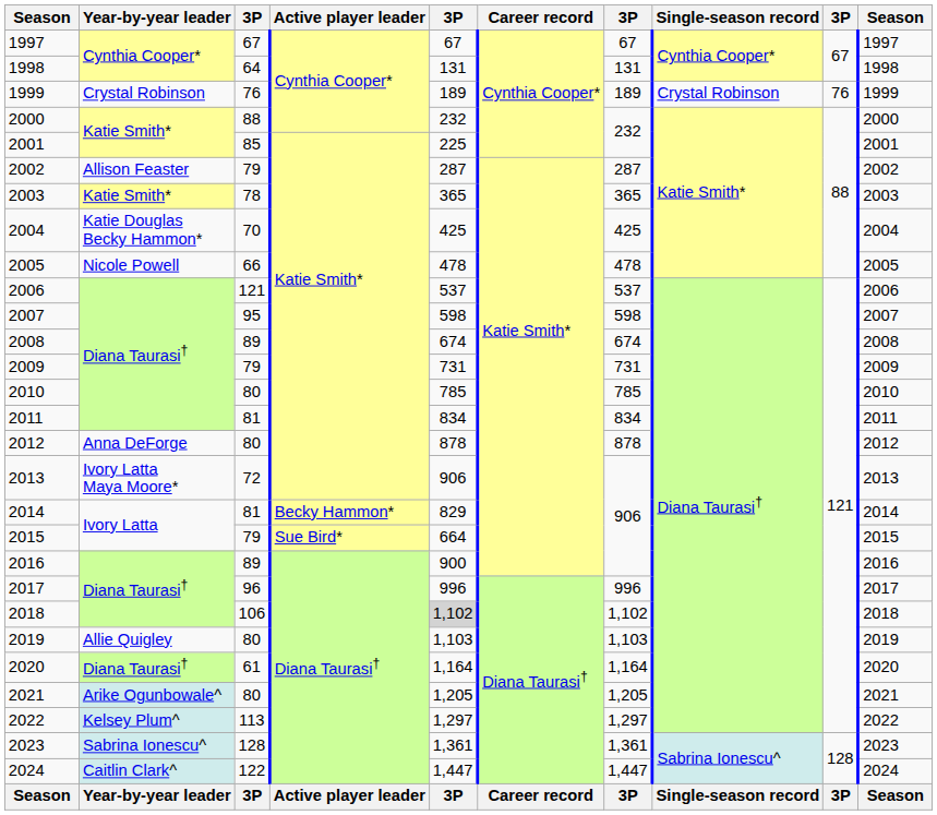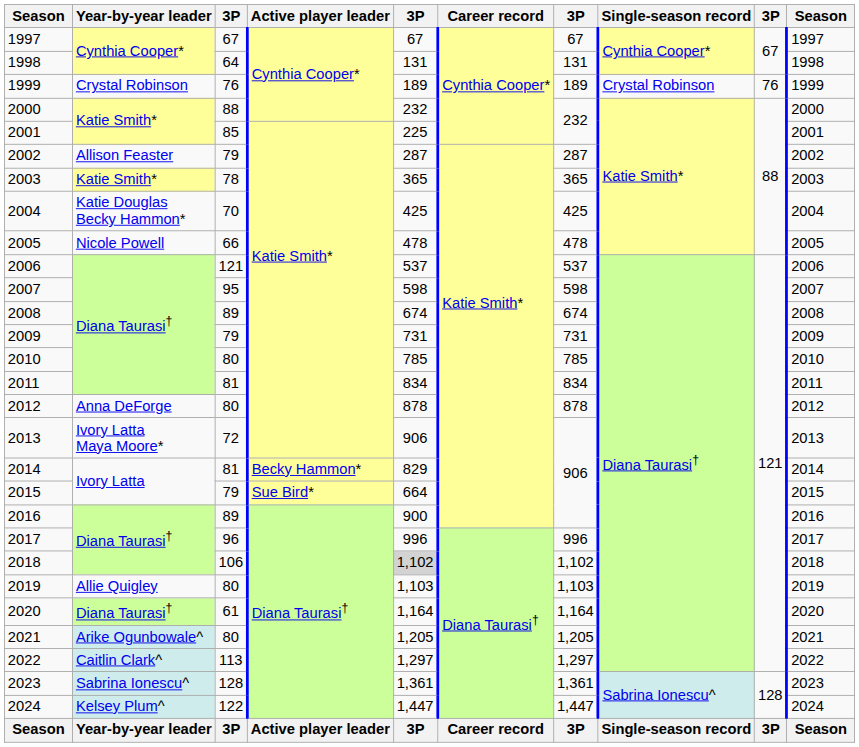 <table class="wikitable">
 <tr>
 <th width=8%>Season</th>
 <th>Year-by-year leader</th>
 <th>3P</th>
 <th>Active player leader</th>
 <th>3P</th>
 <th>Career record</th>
 <th>3P</th>
 <th>Single-season record</th>
 <th>3P</th>
 <th width=8%>Season</th>
 </tr>
 <tr>
 <td>1997</td>
 <td rowspan=2 bgcolor="#FFFF99"><a href='#'>Cynthia Cooper</a>*</td>
 <td style="text-align:center; border-right: solid blue">67</td>
 <td rowspan=4 bgcolor="#FFFF99"><a href='#'>Cynthia Cooper</a>*</td>
 <td style="text-align:center; border-right: solid blue">67</td>
 <td rowspan=5 bgcolor="#FFFF99"><a href='#'>Cynthia Cooper</a>*</td>
 <td style="text-align:center; border-right: solid blue">67</td>
 <td rowspan=2 bgcolor="#FFFF99"><a href='#'>Cynthia Cooper</a>*</td>
 <td rowspan=2 style="text-align:center; border-right: solid blue">67</td>
 <td>1997</td>
 </tr>
 <tr>
 <td>1998</td>
 <td style="text-align:center; border-right: solid blue">64</td>
 <td style="text-align:center; border-right: solid blue">131</td>
 <td style="text-align:center; border-right: solid blue">131</td>
 <td>1998</td>
 </tr>
 <tr>
 <td>1999</td>
 <td><a href='#'>Crystal Robinson</a></td>
 <td style="text-align:center; border-right: solid blue">76</td>
 <td style="text-align:center; border-right: solid blue">189</td>
 <td style="text-align:center; border-right: solid blue">189</td>
 <td><a href='#'>Crystal Robinson</a></td>
 <td style="text-align:center; border-right: solid blue">76</td>
 <td>1999</td>
 </tr>
 <tr>
 <td>2000</td>
 <td rowspan=2 bgcolor="#FFFF99"><a href='#'>Katie Smith</a>*</td>
 <td style="text-align:center; border-right: solid blue">88</td>
 <td style="text-align:center; border-right: solid blue">232</td>
 <td style="text-align:center; border-right: solid blue" rowspan=2>232</td>
 <td rowspan=6 bgcolor="#FFFF99"><a href='#'>Katie Smith</a>*</td>
 <td rowspan=6 style="text-align:center; border-right: solid blue">88</td>
 <td>2000</td>
 </tr>
 <tr>
 <td>2001</td>
 <td style="text-align:center; border-right: solid blue">85</td>
 <td rowspan=13 bgcolor="#FFFF99"><a href='#'>Katie Smith</a>*<br><br><br><br><br></td>
 <td style="text-align:center; border-right: solid blue">225</td>
 <td>2001</td>
 </tr>
 <tr>
 <td>2002</td>
 <td><a href='#'>Allison Feaster</a></td>
 <td style="text-align:center; border-right: solid blue">79</td>
 <td style="text-align:center; border-right: solid blue">287</td>
 <td rowspan=15 bgcolor="#FFFF99"><a href='#'>Katie Smith</a>*<br><br><br><br><br></td>
 <td style="text-align:center; border-right: solid blue">287</td>
 <td>2002</td>
 </tr>
 <tr>
 <td>2003</td>
 <td bgcolor="#FFFF99"><a href='#'>Katie Smith</a>*</td>
 <td style="text-align:center; border-right: solid blue">78</td>
 <td style="text-align:center; border-right: solid blue">365</td>
 <td style="text-align:center; border-right: solid blue">365</td>
 <td>2003</td>
 </tr>
 <tr>
 <td>2004</td>
 <td><a href='#'>Katie Douglas</a><div><a href='#'>Becky Hammon</a>*</div></td>
 <td style="text-align:center; border-right: solid blue">70</td>
 <td style="text-align:center; border-right: solid blue">425</td>
 <td style="text-align:center; border-right: solid blue">425</td>
 <td>2004</td>
 </tr>
 <tr>
 <td>2005</td>
 <td><a href='#'>Nicole Powell</a></td>
 <td style="text-align:center; border-right: solid blue">66</td>
 <td style="text-align:center; border-right: solid blue">478</td>
 <td style="text-align:center; border-right: solid blue">478</td>
 <td>2005</td>
 </tr>
 <tr>
 <td>2006</td>
 <td rowspan=6 bgcolor="#CCFF99"><a href='#'>Diana Taurasi</a><sup>†</sup></td>
 <td style="text-align:center; border-right: solid blue">121</td>
 <td style="text-align:center; border-right: solid blue">537</td>
 <td style="text-align:center; border-right: solid blue">537</td>
 <td rowspan=17 bgcolor="#CCFF99"><a href='#'>Diana Taurasi</a><sup>†</sup></td>
 <td rowspan=17 style="text-align:center; border-right: solid blue">121</td>
 <td>2006</td>
 </tr>
 <tr>
 <td>2007</td>
 <td style="text-align:center; border-right: solid blue">95</td>
 <td style="text-align:center; border-right: solid blue">598</td>
 <td style="text-align:center; border-right: solid blue">598</td>
 <td>2007</td>
 </tr>
 <tr>
 <td>2008</td>
 <td style="text-align:center; border-right: solid blue">89</td>
 <td style="text-align:center; border-right: solid blue">674</td>
 <td style="text-align:center; border-right: solid blue">674</td>
 <td>2008</td>
 </tr>
 <tr>
 <td>2009</td>
 <td style="text-align:center; border-right: solid blue">79</td>
 <td style="text-align:center; border-right: solid blue">731</td>
 <td style="text-align:center; border-right: solid blue">731</td>
 <td>2009</td>
 </tr>
 <tr>
 <td>2010</td>
 <td style="text-align:center; border-right: solid blue">80</td>
 <td style="text-align:center; border-right: solid blue">785</td>
 <td style="text-align:center; border-right: solid blue">785</td>
 <td>2010</td>
 </tr>
 <tr>
 <td>2011</td>
 <td style="text-align:center; border-right: solid blue">81</td>
 <td style="text-align:center; border-right: solid blue">834</td>
 <td style="text-align:center; border-right: solid blue">834</td>
 <td>2011</td>
 </tr>
 <tr>
 <td>2012</td>
 <td><a href='#'>Anna DeForge</a></td>
 <td style="text-align:center; border-right: solid blue">80</td>
 <td style="text-align:center; border-right: solid blue">878</td>
 <td style="text-align:center; border-right: solid blue">878</td>
 <td>2012</td>
 </tr>
 <tr>
 <td>2013</td>
 <td><a href='#'>Ivory Latta</a><div><a href='#'>Maya Moore</a>*</div></td>
 <td style="text-align:center; border-right: solid blue">72</td>
 <td style="text-align:center; border-right: solid blue">906</td>
 <td rowspan=4 style="text-align:center; border-right: solid blue">906</td>
 <td>2013</td>
 </tr>
 <tr>
 <td>2014</td>
 <td rowspan=2><a href='#'>Ivory Latta</a></td>
 <td style="text-align:center; border-right: solid blue">81</td>
 <td bgcolor="#FFFF99"><a href='#'>Becky Hammon</a>*</td>
 <td style="text-align:center; border-right: solid blue">829</td>
 <td>2014</td>
 </tr>
 <tr>
 <td>2015</td>
 <td style="text-align:center; border-right: solid blue">79</td>
 <td bgcolor="#FFFF99"><a href='#'>Sue Bird</a>*</td>
 <td style="text-align:center; border-right: solid blue">664</td>
 <td>2015</td>
 </tr>
 <tr>
 <td>2016</td>
 <td rowspan=3 bgcolor="#CCFF99"><a href='#'>Diana Taurasi</a><sup>†</sup></td>
 <td style="text-align:center; border-right: solid blue">89</td>
 <td rowspan=9 bgcolor="#CCFF99"><a href='#'>Diana Taurasi</a><sup>†</sup></td>
 <td style="text-align:center; border-right: solid blue">900</td>
 <td>2016</td>
 </tr>
 <tr>
 <td>2017</td>
 <td style="text-align:center; border-right: solid blue">96</td>
 <td style="text-align:center; border-right: solid blue">996</td>
 <td rowspan=8 bgcolor="#CCFF99"><a href='#'>Diana Taurasi</a><sup>†</sup></td>
 <td style="text-align:center; border-right: solid blue">996</td>
 <td>2017</td>
 </tr>
 <tr>
 <td>2018</td>
 <td style="text-align:center; border-right: solid blue">106</td>
 <td style="background: lightgrey; text-align:center; border-right: solid blue">1,102</td>
 <td style="text-align:center; border-right: solid blue">1,102</td>
 <td>2018</td>
 </tr>
 <tr>
 <td>2019</td>
 <td><a href='#'>Allie Quigley</a></td>
 <td style="text-align:center; border-right: solid blue">80</td>
 <td style="text-align:center; border-right: solid blue">1,103</td>
 <td style="text-align:center; border-right: solid blue">1,103</td>
 <td>2019</td>
 </tr>
 <tr>
 <td>2020</td>
 <td bgcolor="#CCFF99"><a href='#'>Diana Taurasi</a><sup>†</sup></td>
 <td style="text-align:center; border-right: solid blue">61</td>
 <td style="text-align:center; border-right: solid blue">1,164</td>
 <td style="text-align:center; border-right: solid blue">1,164</td>
 <td>2020</td>
 </tr>
 <tr>
 <td>2021</td>
 <td bgcolor="#CFECEC"><a href='#'>Arike Ogunbowale</a>^</td>
 <td style="text-align:center; border-right: solid blue">80</td>
 <td style="text-align:center; border-right: solid blue">1,205</td>
 <td style="text-align:center; border-right: solid blue">1,205</td>
 <td>2021</td>
 </tr>
 <tr>
 <td>2022</td>
-<td bgcolor="#CFECEC"><a href='#'>Kelsey Plum</a>^</td>
+<td bgcolor="#CFECEC"><a href='#'>Caitlin Clark</a>^</td>
 <td style="text-align:center; border-right: solid blue">113</td>
 <td style="text-align:center; border-right: solid blue">1,297</td>
 <td style="text-align:center; border-right: solid blue">1,297</td>
 <td>2022</td>
 </tr>
 <tr>
 <td>2023</td>
 <td bgcolor="#CFECEC"><a href='#'>Sabrina Ionescu</a>^</td>
 <td style="text-align:center; border-right: solid blue">128</td>
 <td style="text-align:center; border-right: solid blue">1,361</td>
 <td style="text-align:center; border-right: solid blue">1,361</td>
 <td rowspan=2 bgcolor="#CFECEC"><a href='#'>Sabrina Ionescu</a>^</td>
 <td rowspan=2 style="text-align:center; border-right: solid blue">128</td>
 <td>2023</td>
 </tr>
 <tr>
 <td>2024</td>
-<td bgcolor="#CFECEC"><a href='#'>Caitlin Clark</a>^</td>
+<td bgcolor="#CFECEC"><a href='#'>Kelsey Plum</a>^</td>
 <td style="text-align:center; border-right: solid blue">122</td>
 <td style="text-align:center; border-right: solid blue">1,447</td>
 <td style="text-align:center; border-right: solid blue">1,447</td>
 <td>2024</td>
 </tr>
 <tr>
 <th>Season</th>
 <th>Year-by-year leader</th>
 <th>3P</th>
 <th>Active player leader</th>
 <th>3P</th>
 <th>Career record</th>
 <th>3P</th>
 <th>Single-season record</th>
 <th>3P</th>
 <th>Season</th>
 </tr>
 </table>
